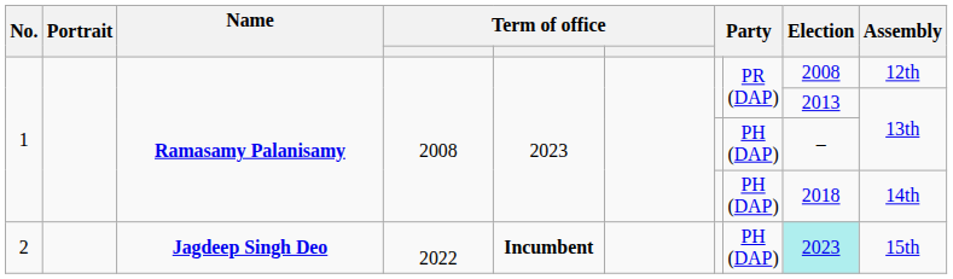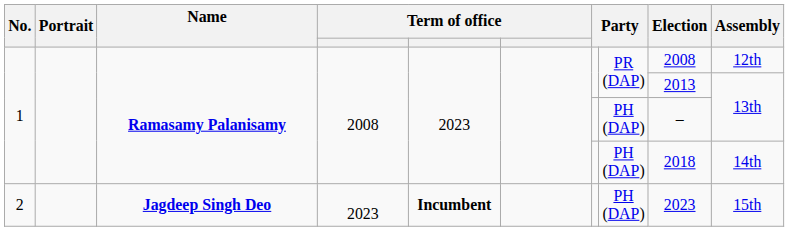 <table class="wikitable" style="text-align:center; border:1px #aaf solid;">
 <tr>
 <th rowspan="2">No.</th>
 <th rowspan="2">Portrait</th>
 <th rowspan="2" width="215">Name<br><br></th>
 <th colspan=3>Term of office</th>
 <th colspan="2" rowspan="2">Party</th>
 <th rowspan="2">Election</th>
 <th rowspan="2">Assembly</th>
 </tr>
 <tr>
 <th width="85"></th>
 <th width="85"></th>
 <th width="85"></th>
 </tr>
 <tr>
 <td rowspan=4>1</td>
 <td rowspan=4></td>
 <td rowspan=4><br><strong><a href='#'>Ramasamy Palanisamy</a></strong><br></td>
 <td rowspan=4><br>2008</td>
 <td rowspan=4><br>2023</td>
 <td rowspan=4></td>
 <td rowspan=2 style="background:"></td>
 <td rowspan=2><a href='#'>PR</a><br>(<a href='#'>DAP</a>)</td>
 <td><a href='#'>2008</a></td>
 <td><a href='#'>12th</a></td>
 </tr>
 <tr>
 <td><a href='#'>2013</a></td>
 <td rowspan=2><a href='#'>13th</a></td>
 </tr>
 <tr>
 <td style="background:"></td>
 <td><a href='#'>PH</a><br>(<a href='#'>DAP</a>)</td>
 <td>–</td>
 </tr>
 <tr>
 <td style="background:"></td>
 <td><a href='#'>PH</a><br>(<a href='#'>DAP</a>)</td>
 <td><a href='#'>2018</a></td>
 <td><a href='#'>14th</a></td>
 </tr>
 <tr>
 <td>2</td>
 <td></td>
 <td><strong><a href='#'>Jagdeep Singh Deo</a></strong><br></td>
-<td><br>2022</td>
+<td><br>2023</td>
 <td><strong>Incumbent</strong></td>
 <td></td>
 <td style="background:"></td>
 <td><a href='#'>PH</a><br>(<a href='#'>DAP</a>)</td>
-<td style="background: paleturquoise;"><a href='#'>2023</a></td>
+<td><a href='#'>2023</a></td>
 <td><a href='#'>15th</a></td>
 </tr>
 </table>
